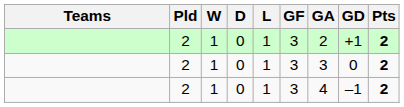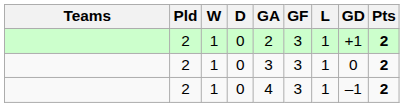 <table class="wikitable" style="text-align: center;">
 <tr>
 <th width=165>Teams</th>
 <th width=20>Pld</th>
 <th width=20>W</th>
 <th width=20>D</th>
+<th width=20>GA</th>
+<th width=20>GF</th>
 <th width=20>L</th>
-<th width=20>GF</th>
-<th width=20>GA</th>
 <th width=20>GD</th>
 <th width=20>Pts</th>
 </tr>
 <tr align=center style="background:#ccffcc;">
 <td style="text-align:left;"></td>
 <td>2</td>
 <td>1</td>
 <td>0</td>
+<td>2</td>
+<td>3</td>
 <td>1</td>
-<td>3</td>
-<td>2</td>
 <td>+1</td>
 <td><strong>2</strong></td>
 </tr>
 <tr align=center>
 <td style="text-align:left;"></td>
 <td>2</td>
 <td>1</td>
 <td>0</td>
-<td>1</td>
 <td>3</td>
 <td>3</td>
+<td>1</td>
 <td>0</td>
 <td><strong>2</strong></td>
 </tr>
 <tr align=center>
 <td style="text-align:left;"></td>
 <td>2</td>
 <td>1</td>
 <td>0</td>
+<td>4</td>
+<td>3</td>
 <td>1</td>
-<td>3</td>
-<td>4</td>
 <td>–1</td>
 <td><strong>2</strong></td>
 </tr>
 </table>
